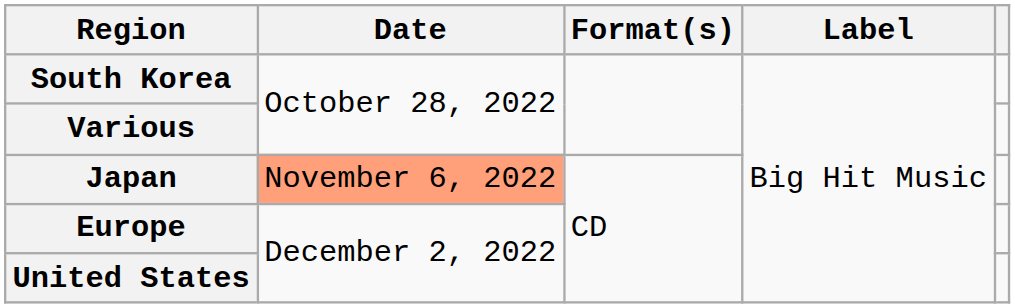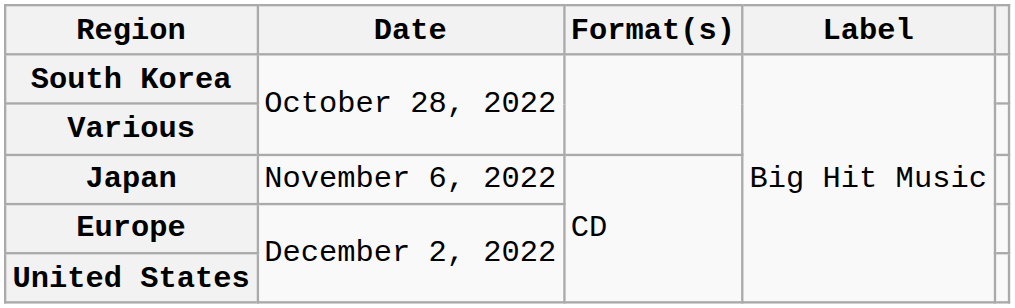 <table class="wikitable plainrowheaders">
 <tr>
 <th scope="col">Region</th>
 <th scope="col">Date</th>
 <th scope="col">Format(s)</th>
 <th scope="col">Label</th>
 <th scope="col"></th>
 </tr>
 <tr>
 <th scope="row">South Korea</th>
 <td rowspan="2">October 28, 2022</td>
 <td rowspan="2"></td>
 <td rowspan="5">Big Hit Music</td>
 <td style="text-align: center;"></td>
 </tr>
 <tr>
 <th scope="row">Various</th>
 <td style="text-align: center;"></td>
 </tr>
 <tr>
 <th scope="row">Japan</th>
-<td style="background: lightsalmon;">November 6, 2022</td>
+<td>November 6, 2022</td>
 <td rowspan="3">CD</td>
 <td style="text-align: center;"></td>
 </tr>
 <tr>
 <th scope="row">Europe</th>
 <td rowspan="2">December 2, 2022</td>
 <td style="text-align: center;"></td>
 </tr>
 <tr>
 <th scope="row">United States</th>
 <td style="text-align: center;"></td>
 </tr>
 </table>
